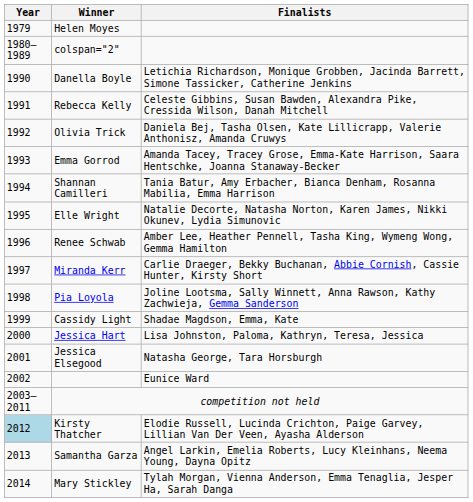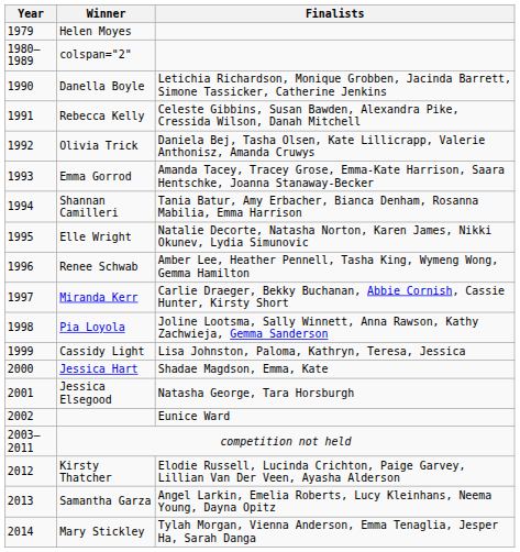 <table class="wikitable">
 <tr>
 <th>Year</th>
 <th>Winner</th>
 <th>Finalists</th>
 </tr>
 <tr>
 <td>1979</td>
 <td>Helen Moyes</td>
 <td></td>
 </tr>
 <tr>
 <td>1980–1989</td>
 <td>colspan="2" </td>
 </tr>
 <tr>
 <td>1990</td>
 <td>Danella Boyle</td>
 <td>Letichia Richardson, Monique Grobben, Jacinda Barrett, Simone Tassicker, Catherine Jenkins</td>
 </tr>
 <tr>
 <td>1991</td>
 <td>Rebecca Kelly</td>
 <td>Celeste Gibbins, Susan Bawden, Alexandra Pike, Cressida Wilson, Danah Mitchell</td>
 </tr>
 <tr>
 <td>1992</td>
 <td>Olivia Trick</td>
 <td>Daniela Bej, Tasha Olsen, Kate Lillicrapp, Valerie Anthonisz, Amanda Cruwys</td>
 </tr>
 <tr>
 <td>1993</td>
 <td>Emma Gorrod</td>
 <td>Amanda Tacey, Tracey Grose, Emma-Kate Harrison, Saara Hentschke, Joanna Stanaway-Becker</td>
 </tr>
 <tr>
 <td>1994</td>
 <td>Shannan Camilleri</td>
 <td>Tania Batur, Amy Erbacher, Bianca Denham, Rosanna Mabilia, Emma Harrison</td>
 </tr>
 <tr>
 <td>1995</td>
 <td>Elle Wright</td>
 <td>Natalie Decorte, Natasha Norton, Karen James, Nikki Okunev, Lydia Simunovic</td>
 </tr>
 <tr>
 <td>1996</td>
 <td>Renee Schwab</td>
 <td>Amber Lee, Heather Pennell, Tasha King, Wymeng Wong, Gemma Hamilton</td>
 </tr>
 <tr>
 <td>1997</td>
 <td><a href='#'>Miranda Kerr</a></td>
 <td>Carlie Draeger, Bekky Buchanan, <a href='#'>Abbie Cornish</a>, Cassie Hunter, Kirsty Short</td>
 </tr>
 <tr>
 <td>1998</td>
 <td><a href='#'>Pia Loyola</a></td>
 <td>Joline Lootsma, Sally Winnett, Anna Rawson, Kathy Zachwieja, <a href='#'>Gemma Sanderson</a></td>
 </tr>
 <tr>
 <td>1999</td>
 <td>Cassidy Light</td>
-<td>Shadae Magdson, Emma, Kate</td>
+<td>Lisa Johnston, Paloma, Kathryn, Teresa, Jessica</td>
 </tr>
 <tr>
 <td>2000</td>
 <td><a href='#'>Jessica Hart</a></td>
-<td>Lisa Johnston, Paloma, Kathryn, Teresa, Jessica</td>
+<td>Shadae Magdson, Emma, Kate</td>
 </tr>
 <tr>
 <td>2001</td>
 <td>Jessica Elsegood</td>
 <td>Natasha George, Tara Horsburgh</td>
 </tr>
 <tr>
 <td>2002</td>
 <td></td>
 <td>Eunice Ward</td>
 </tr>
 <tr>
 <td>2003–2011</td>
 <td colspan="2" align="center"><em>competition not held</em></td>
 </tr>
 <tr>
-<td style="background: lightblue;">2012</td>
+<td>2012</td>
 <td>Kirsty Thatcher</td>
 <td>Elodie Russell, Lucinda Crichton, Paige Garvey, Lillian Van Der Veen, Ayasha Alderson</td>
 </tr>
 <tr>
 <td>2013</td>
 <td>Samantha Garza</td>
 <td>Angel Larkin, Emelia Roberts, Lucy Kleinhans, Neema Young, Dayna Opitz</td>
 </tr>
 <tr>
 <td>2014</td>
 <td>Mary Stickley</td>
 <td>Tylah Morgan, Vienna Anderson, Emma Tenaglia, Jesper Ha, Sarah Danga</td>
 </tr>
 </table>
